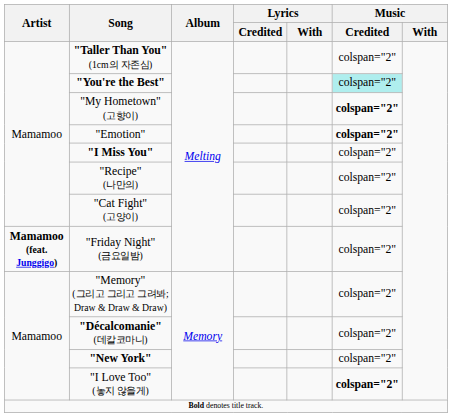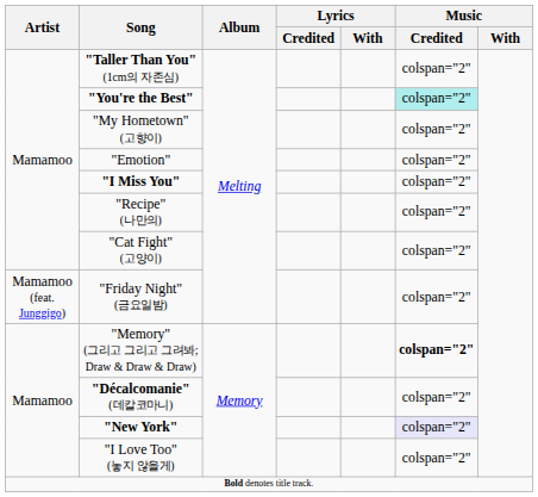 <table class="wikitable" style="text-align:center;">
 <tr>
 <th rowspan="2" style="width:7.5em;">Artist</th>
 <th rowspan="2" style="width:15em;">Song</th>
 <th rowspan="2" style="width:12.5em;">Album</th>
 <th colspan="2" style="width:16em;">Lyrics</th>
 <th colspan="2" style="width:16em;">Music</th>
 </tr>
 <tr>
 <th style="width:6em;">Credited</th>
 <th style="width:10em;">With</th>
 <th style="width:6em;">Credited</th>
 <th style="width:10em;">With</th>
 </tr>
 <tr>
 <td rowspan="7">Mamamoo</td>
 <td><strong>"Taller Than You"</strong><br> <small>(1cm의 자존심)</small></td>
 <td rowspan="8"><em><a href='#'>Melting</a></em></td>
 <td></td>
 <td></td>
 <td>colspan="2" </td>
 </tr>
 <tr>
 <td><strong>"You're the Best"</strong> <br></td>
 <td></td>
 <td></td>
 <td style="background: paleturquoise;">colspan="2" </td>
 </tr>
 <tr>
 <td>"My Hometown" <br><small>(고향이)</small></td>
 <td></td>
 <td></td>
-<td><strong>colspan="2" </strong></td>
+<td>colspan="2" </td>
 </tr>
 <tr>
 <td>"Emotion"</td>
 <td></td>
 <td></td>
-<td><strong>colspan="2" </strong></td>
+<td>colspan="2" </td>
 </tr>
 <tr>
 <td><strong>"I Miss You"</strong></td>
 <td></td>
 <td></td>
 <td>colspan="2" </td>
 </tr>
 <tr>
 <td>"Recipe" <br><small>(나만의)</small></td>
 <td></td>
 <td></td>
 <td>colspan="2" </td>
 </tr>
 <tr>
 <td>"Cat Fight" <br><small>(고양이)</small></td>
 <td></td>
 <td></td>
 <td>colspan="2" </td>
 </tr>
 <tr>
-<td><strong>Mamamoo <br><small>(feat. <a href='#'>Junggigo</a>)</small></strong></td>
+<td>Mamamoo <br><small>(feat. <a href='#'>Junggigo</a>)</small></td>
 <td>"Friday Night" <br><small>(금요일밤)</small></td>
 <td></td>
 <td></td>
 <td>colspan="2" </td>
 </tr>
 <tr>
 <td rowspan="4">Mamamoo</td>
 <td>"Memory" <br><small>(그리고 그리고 그려봐; Draw & Draw & Draw)</small></td>
 <td rowspan="4"><em><a href='#'>Memory</a></em></td>
 <td></td>
 <td></td>
-<td>colspan="2" </td>
+<td><strong>colspan="2" </strong></td>
 </tr>
 <tr>
 <td><strong>"Décalcomanie"</strong> <br><small>(데칼코마니)</small></td>
 <td></td>
 <td></td>
 <td>colspan="2" </td>
 </tr>
 <tr>
 <td><strong>"New York"</strong></td>
 <td></td>
 <td></td>
-<td>colspan="2" </td>
+<td style="background: lavender;">colspan="2" </td>
 </tr>
 <tr>
 <td>"I Love Too" <br><small>(놓지 않을게)</small></td>
 <td></td>
 <td></td>
-<td><strong>colspan="2" </strong></td>
+<td>colspan="2" </td>
 </tr>
 <tr>
 <td colspan="7" style="text-align:center; font-size:8pt;"><strong>Bold</strong> denotes title track.</td>
 </tr>
 </table>
